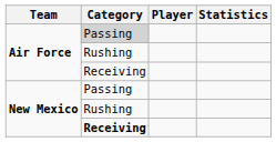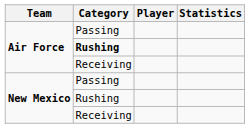 <table class="wikitable" style="float: right;">
 <tr>
 <th>Team</th>
 <th>Category</th>
 <th>Player</th>
 <th>Statistics</th>
 </tr>
 <tr>
 <td rowspan=3><strong>Air Force</strong></td>
-<td style="background: lightgrey;">Passing</td>
+<td>Passing</td>
 <td></td>
 <td></td>
 </tr>
 <tr>
-<td>Rushing</td>
+<td><strong>Rushing</strong></td>
 <td></td>
 <td></td>
 </tr>
 <tr>
 <td>Receiving</td>
 <td></td>
 <td></td>
 </tr>
 <tr>
 <td rowspan=3><strong>New Mexico</strong></td>
 <td>Passing</td>
 <td></td>
 <td></td>
 </tr>
 <tr>
 <td>Rushing</td>
 <td></td>
 <td></td>
 </tr>
 <tr>
-<td><strong>Receiving</strong></td>
+<td>Receiving</td>
 <td></td>
 <td></td>
 </tr>
 </table>
